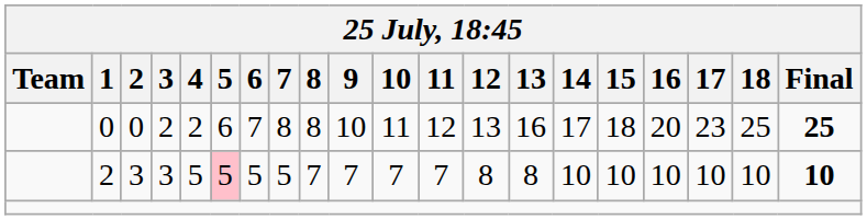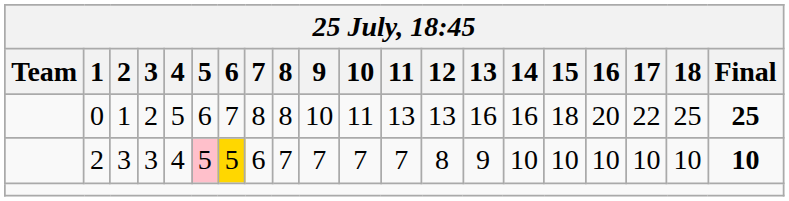 <table class=wikitable style="text-align:center; width: 55%">
 <tr>
 <th colspan=20><em>25 July, 18:45</em></th>
 </tr>
 <tr>
 <th>Team</th>
 <th>1</th>
 <th>2</th>
 <th>3</th>
 <th>4</th>
 <th>5</th>
 <th>6</th>
 <th>7</th>
 <th>8</th>
 <th>9</th>
 <th>10</th>
 <th>11</th>
 <th>12</th>
 <th>13</th>
 <th>14</th>
 <th>15</th>
 <th>16</th>
 <th>17</th>
 <th>18</th>
 <th>Final</th>
 </tr>
 <tr>
 <td align=left><strong></strong></td>
 <td>0</td>
-<td>0</td>
+<td>1</td>
 <td>2</td>
-<td>2</td>
+<td>5</td>
 <td>6</td>
 <td>7</td>
 <td>8</td>
 <td>8</td>
 <td>10</td>
 <td>11</td>
-<td>12</td>
+<td>13</td>
 <td>13</td>
 <td>16</td>
-<td>17</td>
+<td>16</td>
 <td>18</td>
 <td>20</td>
-<td>23</td>
+<td>22</td>
 <td>25</td>
 <td><strong>25</strong></td>
 </tr>
 <tr>
 <td align=left></td>
 <td>2</td>
 <td>3</td>
 <td>3</td>
-<td>5</td>
+<td>4</td>
 <td style="background: pink;">5</td>
-<td>5</td>
-<td>5</td>
+<td style="background: gold;">5</td>
+<td>6</td>
 <td>7</td>
 <td>7</td>
 <td>7</td>
 <td>7</td>
 <td>8</td>
-<td>8</td>
+<td>9</td>
 <td>10</td>
 <td>10</td>
 <td>10</td>
 <td>10</td>
 <td>10</td>
 <td><strong>10</strong></td>
 </tr>
 <tr>
 <td colspan=20></td>
 </tr>
 </table>
